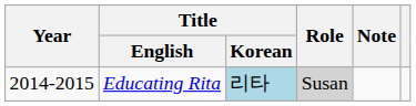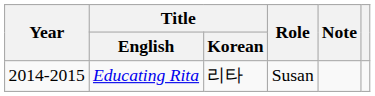 <table class="wikitable sortable plainrowheaders">
 <tr>
 <th rowspan="2" scope="col">Year</th>
 <th colspan="2" scope="col">Title</th>
 <th rowspan="2" scope="col">Role</th>
 <th rowspan="2" scope="col" class="unsortable">Note</th>
 <th rowspan="2" scope="col" class="unsortable"></th>
 </tr>
 <tr>
 <th>English</th>
 <th>Korean</th>
 </tr>
 <tr>
 <td>2014-2015</td>
 <td><em><a href='#'>Educating Rita</a></em></td>
-<td style="background: lightblue;">리타</td>
-<td style="background: lightgrey;">Susan</td>
+<td>리타</td>
+<td>Susan</td>
 <td></td>
 <td></td>
 </tr>
 </table>
